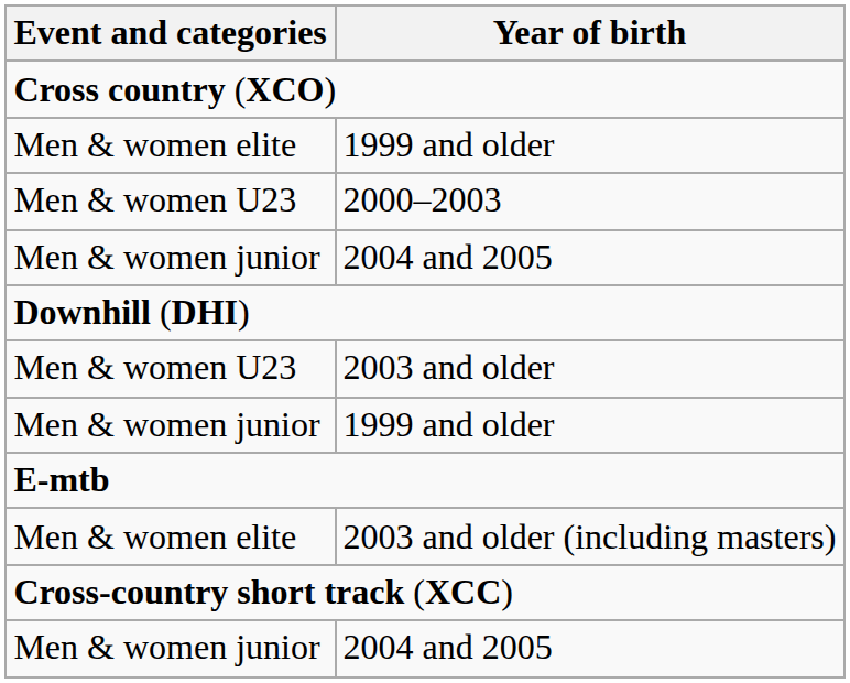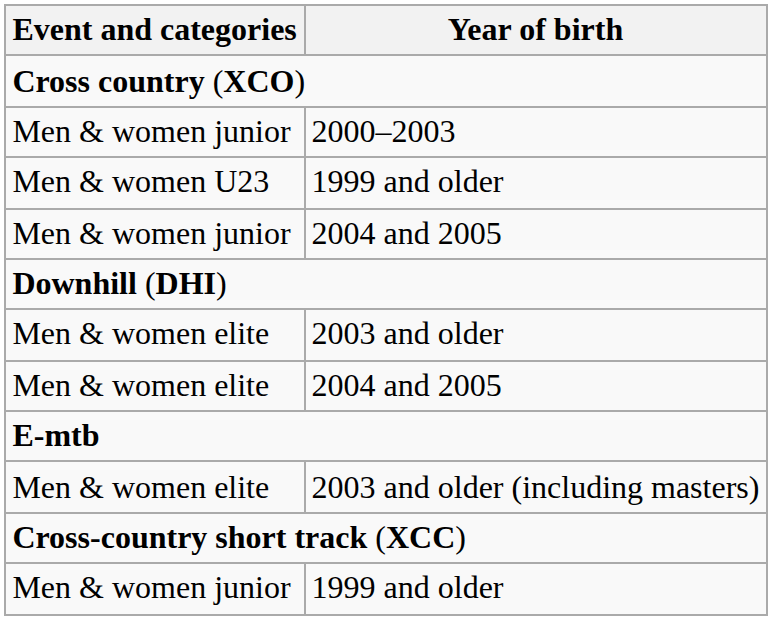 <table class="wikitable">
 <tr>
 <th>Event and categories</th>
 <th>Year of birth</th>
 </tr>
 <tr>
 <td colspan=2><strong>Cross country</strong> (<strong>XCO</strong>)</td>
 </tr>
 <tr>
-<td>Men & women elite</td>
-<td>1999 and older</td>
+<td>Men & women junior</td>
+<td>2000–2003</td>
 </tr>
 <tr>
 <td>Men & women U23</td>
-<td>2000–2003</td>
+<td>1999 and older</td>
 </tr>
 <tr>
 <td>Men & women junior</td>
 <td>2004 and 2005</td>
 </tr>
 <tr>
 <td colspan=2><strong>Downhill</strong> (<strong>DHI</strong>)</td>
 </tr>
 <tr>
-<td>Men & women U23</td>
+<td>Men & women elite</td>
 <td>2003 and older</td>
 </tr>
 <tr>
-<td>Men & women junior</td>
-<td>1999 and older</td>
+<td>Men & women elite</td>
+<td>2004 and 2005</td>
 </tr>
 <tr>
 <td colspan=2><strong>E-mtb</strong></td>
 </tr>
 <tr>
 <td>Men & women elite</td>
 <td>2003 and older (including masters)</td>
 </tr>
 <tr>
 <td colspan=2><strong>Cross-country short track</strong> (<strong>XCC</strong>)</td>
 </tr>
 <tr>
 <td>Men & women junior</td>
-<td>2004 and 2005</td>
+<td>1999 and older</td>
 </tr>
 </table>
